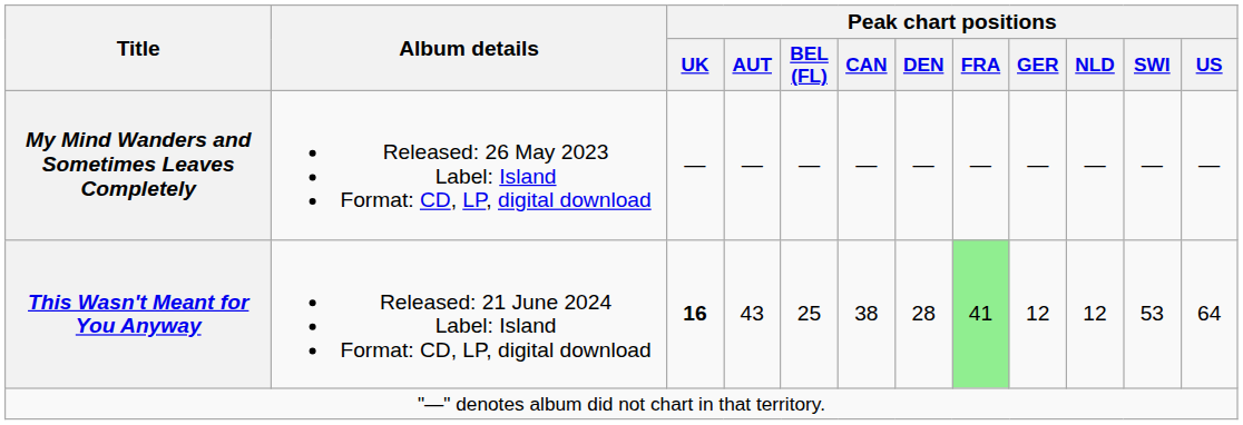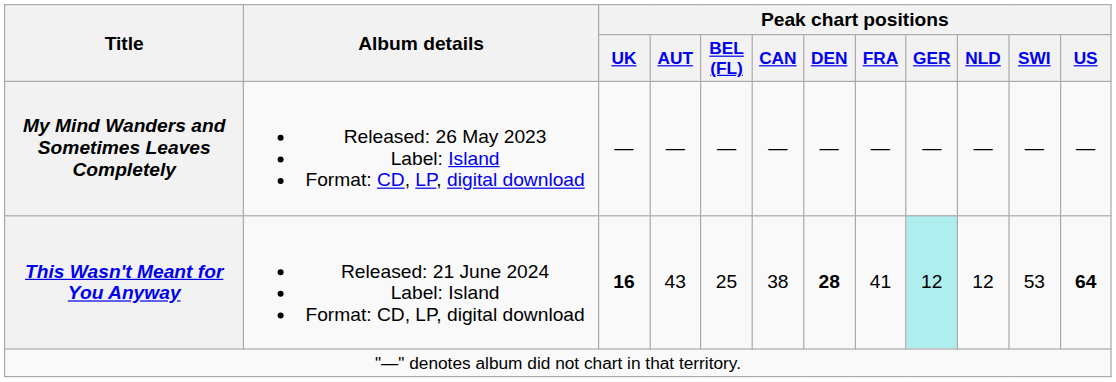 <table class="wikitable plainrowheaders" style="text-align:center;">
 <tr>
 <th scope="col" rowspan="2" style="width:12em;">Title</th>
 <th scope="col" rowspan="2" style="width:18em;">Album details</th>
 <th scope="col" colspan="10">Peak chart positions</th>
 </tr>
 <tr>
 <th scope="col" style="width:2.5em;font-size:90%;"><a href='#'>UK</a><br></th>
 <th scope="col" style="width:2.5em;font-size:90%;"><a href='#'>AUT</a><br></th>
 <th scope="col" style="width:2.5em;font-size:90%;"><a href='#'>BEL<br>(FL)</a><br></th>
 <th scope="col" style="width:2.5em;font-size:90%;"><a href='#'>CAN</a><br></th>
 <th scope="col" style="width:2.5em;font-size:90%;"><a href='#'>DEN</a><br></th>
 <th scope="col" style="width:2.5em;font-size:90%;"><a href='#'>FRA</a><br></th>
 <th scope="col" style="width:2.5em;font-size:90%;"><a href='#'>GER</a><br></th>
 <th scope="col" style="width:2.5em;font-size:90%;"><a href='#'>NLD</a><br></th>
 <th scope="col" style="width:2.5em;font-size:90%;"><a href='#'>SWI</a><br></th>
 <th scope="col" style="width:2.5em;font-size:90%;"><a href='#'>US</a><br></th>
 </tr>
 <tr>
 <th scope="row"><em>My Mind Wanders and Sometimes Leaves Completely</em></th>
 <td><br><ul><li>Released: 26 May 2023</li><li>Label: <a href='#'>Island</a></li><li>Format: <a href='#'>CD</a>, <a href='#'>LP</a>, <a href='#'>digital download</a></li></ul></td>
 <td>—</td>
 <td>—</td>
 <td>—</td>
 <td>—</td>
 <td>—</td>
 <td>—</td>
 <td>—</td>
 <td>—</td>
 <td>—</td>
 <td>—</td>
 </tr>
 <tr>
 <th scope="row"><em><a href='#'>This Wasn't Meant for You Anyway</a></em></th>
 <td><br><ul><li>Released: 21 June 2024</li><li>Label: Island</li><li>Format: CD, LP, digital download</li></ul></td>
 <td><strong>16</strong></td>
 <td>43</td>
 <td>25</td>
 <td>38</td>
-<td>28</td>
-<td style="background: lightgreen;">41</td>
-<td>12</td>
+<td><strong>28</strong></td>
+<td>41</td>
+<td style="background: paleturquoise;">12</td>
 <td>12</td>
 <td>53</td>
-<td>64</td>
+<td><strong>64</strong></td>
 </tr>
 <tr>
 <td colspan="15" style="font-size:90%">"—" denotes album did not chart in that territory.</td>
 </tr>
 </table>
